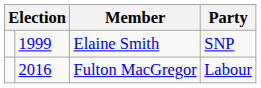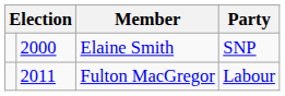 <table class="wikitable">
 <tr>
 <th colspan="2">Election</th>
 <th>Member</th>
 <th>Party</th>
 </tr>
 <tr>
 <td style="background-color: "></td>
-<td><a href='#'>1999</a></td>
+<td><a href='#'>2000</a></td>
 <td><a href='#'>Elaine Smith</a></td>
 <td><a href='#'>SNP</a></td>
 </tr>
 <tr>
 <td style="background-color: "></td>
-<td><a href='#'>2016</a></td>
+<td><a href='#'>2011</a></td>
 <td><a href='#'>Fulton MacGregor</a></td>
 <td><a href='#'>Labour</a></td>
 </tr>
 </table>
